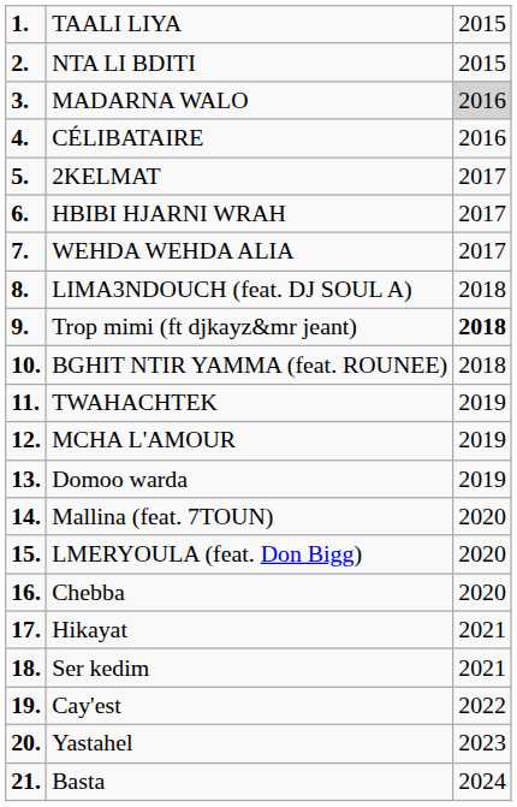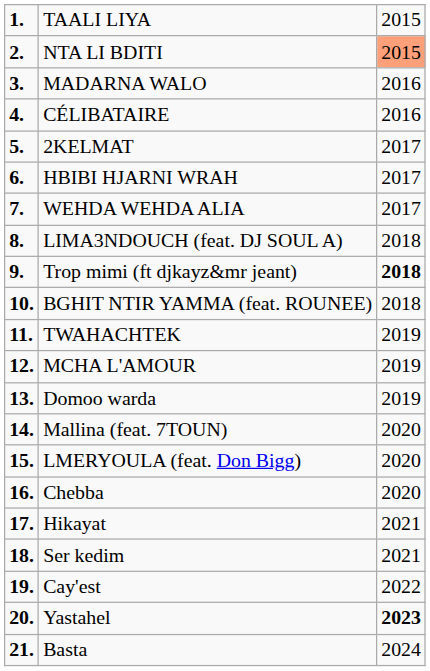 <table class="wikitable">
 <tr>
 <td><strong>1.</strong></td>
 <td>TAALI LIYA</td>
 <td>2015</td>
 </tr>
 <tr>
 <td><strong>2.</strong></td>
 <td>NTA LI BDITI</td>
-<td>2015</td>
+<td style="background: lightsalmon;">2015</td>
 </tr>
 <tr>
 <td><strong>3.</strong></td>
 <td>MADARNA WALO</td>
-<td style="background: lightgrey;">2016</td>
+<td>2016</td>
 </tr>
 <tr>
 <td><strong>4.</strong></td>
 <td>CÉLIBATAIRE</td>
 <td>2016</td>
 </tr>
 <tr>
 <td><strong>5.</strong></td>
 <td>2KELMAT</td>
 <td>2017</td>
 </tr>
 <tr>
 <td><strong>6.</strong></td>
 <td>HBIBI HJARNI WRAH</td>
 <td>2017</td>
 </tr>
 <tr>
 <td><strong>7.</strong></td>
 <td>WEHDA WEHDA ALIA</td>
 <td>2017</td>
 </tr>
 <tr>
 <td><strong>8.</strong></td>
 <td>LIMA3NDOUCH (feat. DJ SOUL A)</td>
 <td>2018</td>
 </tr>
 <tr>
 <td><strong>9.</strong></td>
 <td>Trop mimi (ft djkayz&mr jeant)</td>
 <td><strong>2018</strong></td>
 </tr>
 <tr>
 <td><strong>10.</strong></td>
 <td>BGHIT NTIR YAMMA (feat. ROUNEE)</td>
 <td>2018</td>
 </tr>
 <tr>
 <td><strong>11.</strong></td>
 <td>TWAHACHTEK</td>
 <td>2019</td>
 </tr>
 <tr>
 <td><strong>12.</strong></td>
 <td>MCHA L'AMOUR</td>
 <td>2019</td>
 </tr>
 <tr>
 <td><strong>13.</strong></td>
 <td>Domoo warda</td>
 <td>2019</td>
 </tr>
 <tr>
 <td><strong>14.</strong></td>
 <td>Mallina (feat. 7TOUN)</td>
 <td>2020</td>
 </tr>
 <tr>
 <td><strong>15.</strong></td>
 <td>LMERYOULA (feat. <a href='#'>Don Bigg</a>)</td>
 <td>2020</td>
 </tr>
 <tr>
 <td><strong>16.</strong></td>
 <td>Chebba</td>
 <td>2020</td>
 </tr>
 <tr>
 <td><strong>17.</strong></td>
 <td>Hikayat</td>
 <td>2021</td>
 </tr>
 <tr>
 <td><strong>18.</strong></td>
 <td>Ser kedim</td>
 <td>2021</td>
 </tr>
 <tr>
 <td><strong>19.</strong></td>
 <td>Cay'est</td>
 <td>2022</td>
 </tr>
 <tr>
 <td><strong>20.</strong></td>
 <td>Yastahel</td>
-<td>2023</td>
+<td><strong>2023</strong></td>
 </tr>
 <tr>
 <td><strong>21.</strong></td>
 <td>Basta</td>
 <td>2024</td>
 </tr>
 </table>
